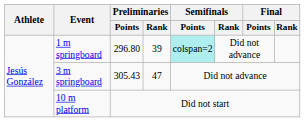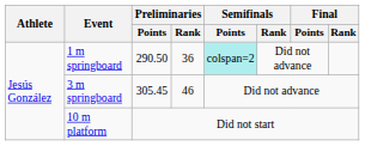 <table class="wikitable" style="text-align:center; font-size:90%; width:50%;">
 <tr>
 <th rowspan=2>Athlete</th>
 <th rowspan=2>Event</th>
 <th colspan=2>Preliminaries</th>
 <th colspan=2>Semifinals</th>
 <th colspan=2>Final</th>
 </tr>
 <tr style="font-size:95%">
 <th>Points</th>
 <th>Rank</th>
 <th>Points</th>
 <th>Rank</th>
 <th>Points</th>
 <th>Rank</th>
 </tr>
 <tr>
 <td align=left rowspan=3><a href='#'>Jesús González</a></td>
 <td align=left><a href='#'>1 m springboard</a></td>
-<td>296.80</td>
-<td>39</td>
+<td>290.50</td>
+<td>36</td>
 <td style="background: paleturquoise;">colspan=2 </td>
 <td colspan=2>Did not advance</td>
 </tr>
 <tr>
 <td align=left><a href='#'>3 m springboard</a></td>
-<td>305.43</td>
-<td>47</td>
+<td>305.45</td>
+<td>46</td>
 <td colspan=4>Did not advance</td>
 </tr>
 <tr>
 <td align=left><a href='#'>10 m platform</a></td>
 <td colspan=6>Did not start</td>
 </tr>
 </table>
